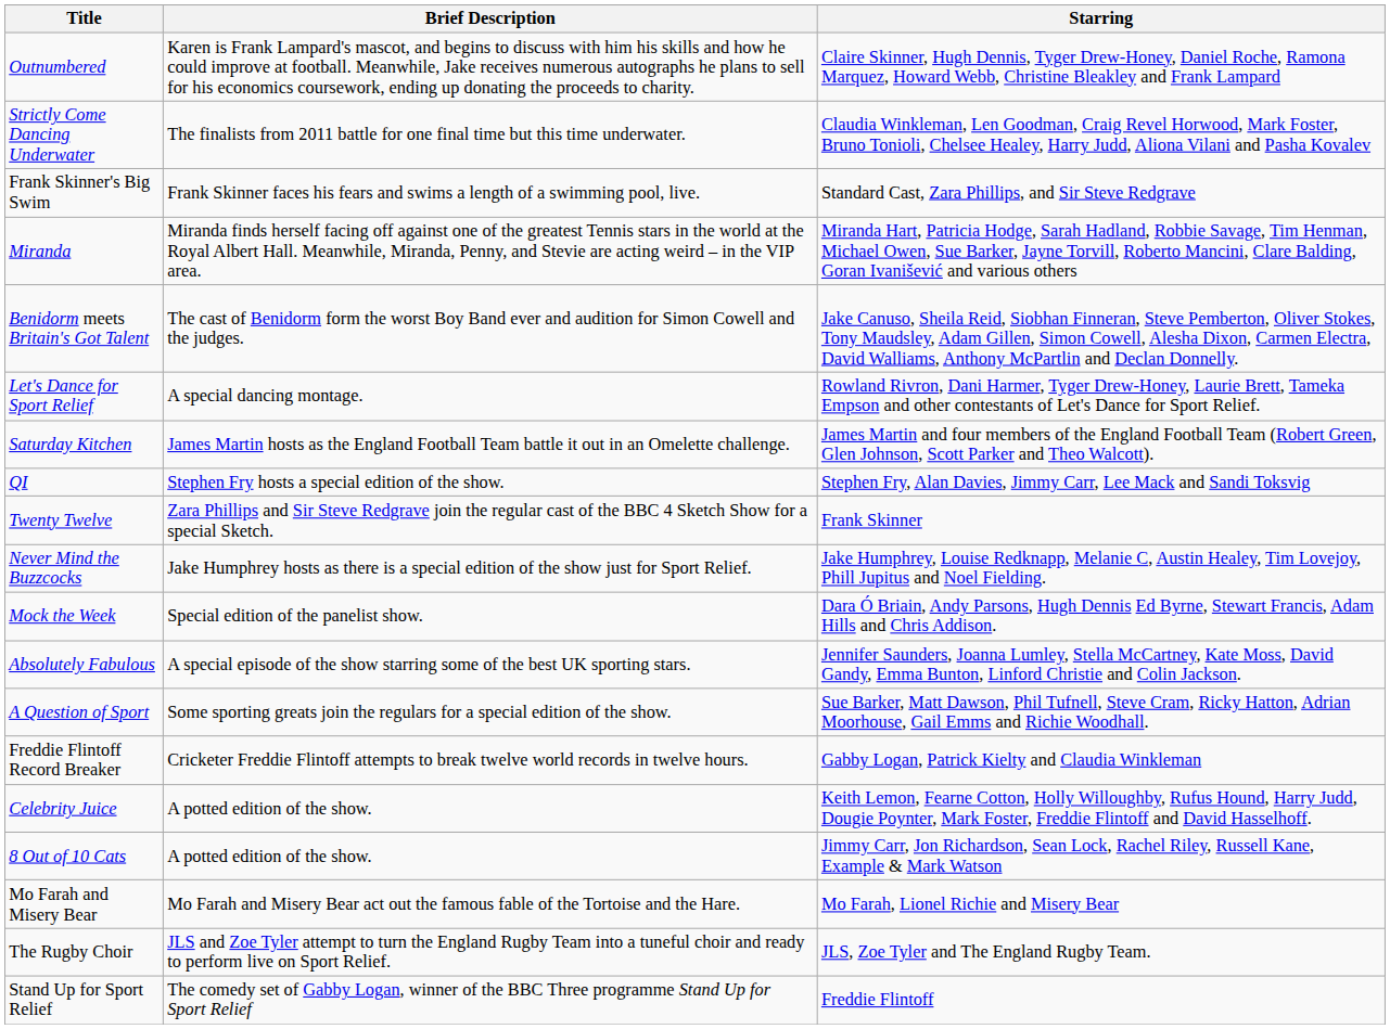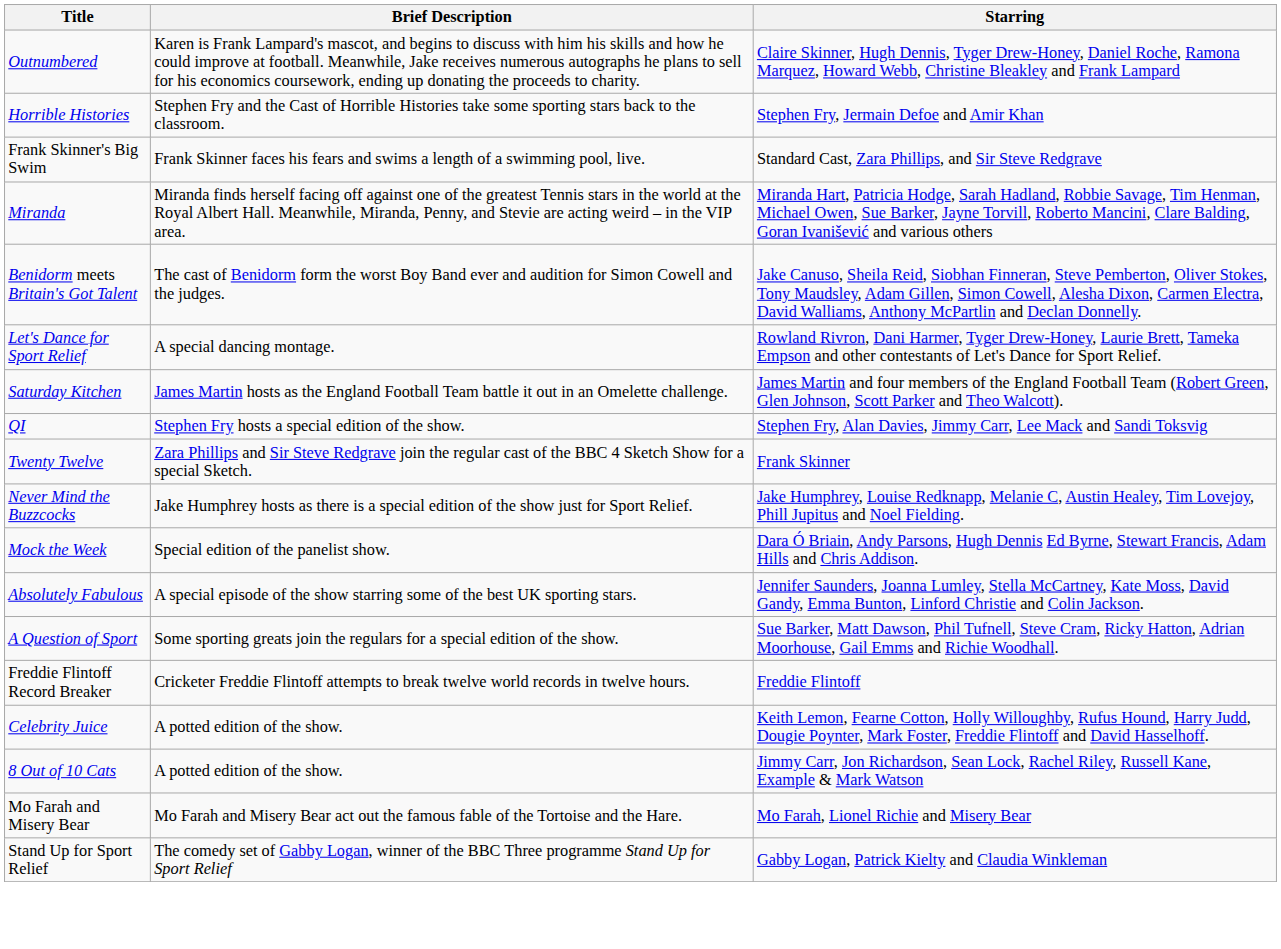 <table class="wikitable" border="1">
 <tr>
 <th>Title</th>
 <th>Brief Description</th>
 <th>Starring</th>
 </tr>
 <tr>
 <td><em><a href='#'>Outnumbered</a></em></td>
 <td>Karen is Frank Lampard's mascot, and begins to discuss with him his skills and how he could improve at football. Meanwhile, Jake receives numerous autographs he plans to sell for his economics coursework, ending up donating the proceeds to charity.</td>
 <td><a href='#'>Claire Skinner</a>, <a href='#'>Hugh Dennis</a>, <a href='#'>Tyger Drew-Honey</a>, <a href='#'>Daniel Roche</a>, <a href='#'>Ramona Marquez</a>, <a href='#'>Howard Webb</a>, <a href='#'>Christine Bleakley</a> and <a href='#'>Frank Lampard</a></td>
 </tr>
 <tr>
-<td><em><a href='#'>Strictly Come Dancing Underwater</a></em></td>
-<td>The finalists from 2011 battle for one final time but this time underwater.</td>
-<td><a href='#'>Claudia Winkleman</a>, <a href='#'>Len Goodman</a>, <a href='#'>Craig Revel Horwood</a>, <a href='#'>Mark Foster</a>, <a href='#'>Bruno Tonioli</a>, <a href='#'>Chelsee Healey</a>, <a href='#'>Harry Judd</a>, <a href='#'>Aliona Vilani</a> and <a href='#'>Pasha Kovalev</a></td>
+<td><em><a href='#'>Horrible Histories</a></em></td>
+<td>Stephen Fry and the Cast of Horrible Histories take some sporting stars back to the classroom.</td>
+<td><a href='#'>Stephen Fry</a>, <a href='#'>Jermain Defoe</a> and <a href='#'>Amir Khan</a></td>
 </tr>
 <tr>
 <td>Frank Skinner's Big Swim</td>
 <td>Frank Skinner faces his fears and swims a length of a swimming pool, live.</td>
 <td>Standard Cast, <a href='#'>Zara Phillips</a>, and <a href='#'>Sir Steve Redgrave</a></td>
 </tr>
 <tr>
 <td><em><a href='#'>Miranda</a></em></td>
 <td>Miranda finds herself facing off against one of the greatest Tennis stars in the world at the Royal Albert Hall. Meanwhile, Miranda, Penny, and Stevie are acting weird – in the VIP area.</td>
 <td><a href='#'>Miranda Hart</a>, <a href='#'>Patricia Hodge</a>, <a href='#'>Sarah Hadland</a>, <a href='#'>Robbie Savage</a>, <a href='#'>Tim Henman</a>, <a href='#'>Michael Owen</a>, <a href='#'>Sue Barker</a>, <a href='#'>Jayne Torvill</a>, <a href='#'>Roberto Mancini</a>, <a href='#'>Clare Balding</a>, <a href='#'>Goran Ivanišević</a> and various others</td>
 </tr>
 <tr>
 <td><em><a href='#'>Benidorm</a></em> meets <em> <a href='#'>Britain's Got Talent</a> </em></td>
 <td>The cast of <a href='#'>Benidorm</a> form the worst Boy Band ever and audition for Simon Cowell and the judges.</td>
 <td><br><a href='#'>Jake Canuso</a>,  <a href='#'>Sheila Reid</a>, <a href='#'>Siobhan Finneran</a>, <a href='#'>Steve Pemberton</a>, <a href='#'>Oliver Stokes</a>, <a href='#'>Tony Maudsley</a>,  <a href='#'>Adam Gillen</a>, <a href='#'>Simon Cowell</a>, <a href='#'>Alesha Dixon</a>, <a href='#'>Carmen Electra</a>, <a href='#'>David Walliams</a>, <a href='#'>Anthony McPartlin</a> and <a href='#'>Declan Donnelly</a>.</td>
 </tr>
 <tr>
 <td><em><a href='#'>Let's Dance for Sport Relief</a></em></td>
 <td>A special dancing montage.</td>
 <td><a href='#'>Rowland Rivron</a>, <a href='#'>Dani Harmer</a>, <a href='#'>Tyger Drew-Honey</a>, <a href='#'>Laurie Brett</a>, <a href='#'>Tameka Empson</a> and other contestants of Let's Dance for Sport Relief.</td>
 </tr>
 <tr>
 <td><em><a href='#'>Saturday Kitchen</a></em></td>
 <td><a href='#'>James Martin</a> hosts as the England Football Team battle it out in an Omelette challenge.</td>
 <td><a href='#'>James Martin</a> and four members of the England Football Team (<a href='#'>Robert Green</a>, <a href='#'>Glen Johnson</a>, <a href='#'>Scott Parker</a> and <a href='#'>Theo Walcott</a>).</td>
 </tr>
 <tr>
 <td><em><a href='#'>QI</a></em></td>
 <td><a href='#'>Stephen Fry</a> hosts a special edition of the show.</td>
 <td><a href='#'>Stephen Fry</a>, <a href='#'>Alan Davies</a>, <a href='#'>Jimmy Carr</a>, <a href='#'>Lee Mack</a> and <a href='#'>Sandi Toksvig</a></td>
 </tr>
 <tr>
 <td><em><a href='#'>Twenty Twelve</a></em></td>
 <td><a href='#'>Zara Phillips</a> and <a href='#'>Sir Steve Redgrave</a> join the regular cast of the BBC 4 Sketch Show for a special Sketch.</td>
 <td><a href='#'>Frank Skinner</a></td>
 </tr>
 <tr>
 <td><em><a href='#'>Never Mind the Buzzcocks</a></em></td>
 <td>Jake Humphrey hosts as there is a special edition of the show just for Sport Relief.</td>
 <td><a href='#'>Jake Humphrey</a>, <a href='#'>Louise Redknapp</a>, <a href='#'>Melanie C</a>, <a href='#'>Austin Healey</a>, <a href='#'>Tim Lovejoy</a>, <a href='#'>Phill Jupitus</a> and <a href='#'>Noel Fielding</a>.</td>
 </tr>
 <tr>
 <td><em><a href='#'>Mock the Week</a></em></td>
 <td>Special edition of the panelist show.</td>
 <td><a href='#'>Dara Ó Briain</a>, <a href='#'>Andy Parsons</a>, <a href='#'>Hugh Dennis</a> <a href='#'>Ed Byrne</a>, <a href='#'>Stewart Francis</a>, <a href='#'>Adam Hills</a> and <a href='#'>Chris Addison</a>.</td>
 </tr>
 <tr>
 <td><em><a href='#'>Absolutely Fabulous</a></em></td>
 <td>A special episode of the show starring some of the best UK sporting stars.</td>
 <td><a href='#'>Jennifer Saunders</a>, <a href='#'>Joanna Lumley</a>, <a href='#'>Stella McCartney</a>, <a href='#'>Kate Moss</a>, <a href='#'>David Gandy</a>, <a href='#'>Emma Bunton</a>, <a href='#'>Linford Christie</a> and <a href='#'>Colin Jackson</a>.</td>
 </tr>
 <tr>
 <td><em><a href='#'>A Question of Sport</a></em></td>
 <td>Some sporting greats join the regulars for a special edition of the show.</td>
 <td><a href='#'>Sue Barker</a>, <a href='#'>Matt Dawson</a>, <a href='#'>Phil Tufnell</a>, <a href='#'>Steve Cram</a>, <a href='#'>Ricky Hatton</a>, <a href='#'>Adrian Moorhouse</a>, <a href='#'>Gail Emms</a> and <a href='#'>Richie Woodhall</a>.</td>
 </tr>
 <tr>
 <td>Freddie Flintoff Record Breaker</td>
 <td>Cricketer Freddie Flintoff attempts to break twelve world records in twelve hours.</td>
-<td><a href='#'>Gabby Logan</a>, <a href='#'>Patrick Kielty</a> and <a href='#'>Claudia Winkleman</a></td>
+<td><a href='#'>Freddie Flintoff</a></td>
 </tr>
 <tr>
 <td><em><a href='#'>Celebrity Juice</a></em></td>
 <td>A potted edition of the show.</td>
 <td><a href='#'>Keith Lemon</a>, <a href='#'>Fearne Cotton</a>, <a href='#'>Holly Willoughby</a>, <a href='#'>Rufus Hound</a>, <a href='#'>Harry Judd</a>, <a href='#'>Dougie Poynter</a>, <a href='#'>Mark Foster</a>, <a href='#'>Freddie Flintoff</a> and <a href='#'>David Hasselhoff</a>.</td>
 </tr>
 <tr>
 <td><em><a href='#'>8 Out of 10 Cats</a></em></td>
 <td>A potted edition of the show.</td>
 <td><a href='#'>Jimmy Carr</a>, <a href='#'>Jon Richardson</a>, <a href='#'>Sean Lock</a>, <a href='#'>Rachel Riley</a>, <a href='#'>Russell Kane</a>, <a href='#'>Example</a> & <a href='#'>Mark Watson</a></td>
 </tr>
 <tr>
 <td>Mo Farah and Misery Bear</td>
 <td>Mo Farah and Misery Bear act out the famous fable of the Tortoise and the Hare.</td>
 <td><a href='#'>Mo Farah</a>, <a href='#'>Lionel Richie</a> and <a href='#'>Misery Bear</a></td>
 </tr>
 <tr>
-<td>The Rugby Choir</td>
-<td><a href='#'>JLS</a> and <a href='#'>Zoe Tyler</a> attempt to turn the England Rugby Team into a tuneful choir and ready to perform live on Sport Relief.</td>
-<td><a href='#'>JLS</a>, <a href='#'>Zoe Tyler</a> and The England Rugby Team.</td>
-</tr>
-<tr>
 <td>Stand Up for Sport Relief</td>
 <td>The comedy set of <a href='#'>Gabby Logan</a>, winner of the BBC Three programme <em>Stand Up for Sport Relief</em></td>
-<td><a href='#'>Freddie Flintoff</a></td>
+<td><a href='#'>Gabby Logan</a>, <a href='#'>Patrick Kielty</a> and <a href='#'>Claudia Winkleman</a></td>
 </tr>
 </table>
